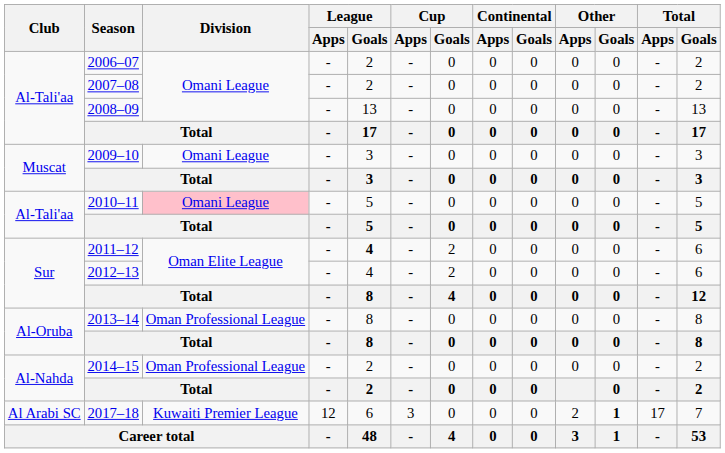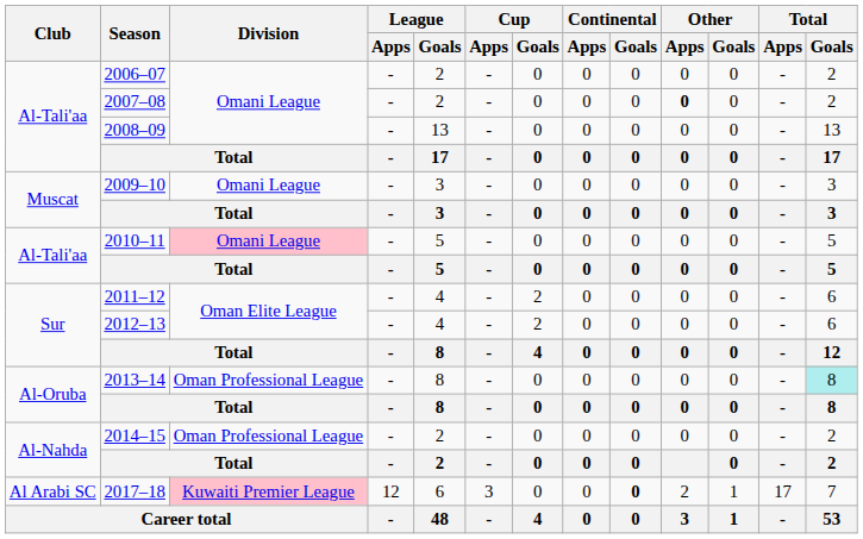 <table class="wikitable" style="text-align: center;">
 <tr>
 <th rowspan="2">Club</th>
 <th rowspan="2">Season</th>
 <th rowspan="2">Division</th>
 <th colspan="2">League</th>
 <th colspan="2">Cup</th>
 <th colspan="2">Continental</th>
 <th colspan="2">Other</th>
 <th colspan="2">Total</th>
 </tr>
 <tr>
 <th>Apps</th>
 <th>Goals</th>
 <th>Apps</th>
 <th>Goals</th>
 <th>Apps</th>
 <th>Goals</th>
 <th>Apps</th>
 <th>Goals</th>
 <th>Apps</th>
 <th>Goals</th>
 </tr>
 <tr>
 <td rowspan="4"><a href='#'>Al-Tali'aa</a></td>
 <td><a href='#'>2006–07</a></td>
 <td rowspan="3"><a href='#'>Omani League</a></td>
 <td>-</td>
 <td>2</td>
 <td>-</td>
 <td>0</td>
 <td>0</td>
 <td>0</td>
 <td>0</td>
 <td>0</td>
 <td>-</td>
 <td>2</td>
 </tr>
 <tr>
 <td><a href='#'>2007–08</a></td>
 <td>-</td>
 <td>2</td>
 <td>-</td>
 <td>0</td>
 <td>0</td>
 <td>0</td>
-<td>0</td>
+<td><strong>0</strong></td>
 <td>0</td>
 <td>-</td>
 <td>2</td>
 </tr>
 <tr>
 <td><a href='#'>2008–09</a></td>
 <td>-</td>
 <td>13</td>
 <td>-</td>
 <td>0</td>
 <td>0</td>
 <td>0</td>
 <td>0</td>
 <td>0</td>
 <td>-</td>
 <td>13</td>
 </tr>
 <tr>
 <th colspan="2">Total</th>
 <th>-</th>
 <th>17</th>
 <th>-</th>
 <th>0</th>
 <th>0</th>
 <th>0</th>
 <th>0</th>
 <th>0</th>
 <th>-</th>
 <th>17</th>
 </tr>
 <tr>
 <td rowspan="2"><a href='#'>Muscat</a></td>
 <td><a href='#'>2009–10</a></td>
 <td rowspan="1"><a href='#'>Omani League</a></td>
 <td>-</td>
 <td>3</td>
 <td>-</td>
 <td>0</td>
 <td>0</td>
 <td>0</td>
 <td>0</td>
 <td>0</td>
 <td>-</td>
 <td>3</td>
 </tr>
 <tr>
 <th colspan="2">Total</th>
 <th>-</th>
 <th>3</th>
 <th>-</th>
 <th>0</th>
 <th>0</th>
 <th>0</th>
 <th>0</th>
 <th>0</th>
 <th>-</th>
 <th>3</th>
 </tr>
 <tr>
 <td rowspan="2"><a href='#'>Al-Tali'aa</a></td>
 <td><a href='#'>2010–11</a></td>
 <td rowspan="1" style="background: pink;"><a href='#'>Omani League</a></td>
 <td>-</td>
 <td>5</td>
 <td>-</td>
 <td>0</td>
 <td>0</td>
 <td>0</td>
 <td>0</td>
 <td>0</td>
 <td>-</td>
 <td>5</td>
 </tr>
 <tr>
 <th colspan="2">Total</th>
 <th>-</th>
 <th>5</th>
 <th>-</th>
 <th>0</th>
 <th>0</th>
 <th>0</th>
 <th>0</th>
 <th>0</th>
 <th>-</th>
 <th>5</th>
 </tr>
 <tr>
 <td rowspan="3"><a href='#'>Sur</a></td>
 <td><a href='#'>2011–12</a></td>
 <td rowspan="2"><a href='#'>Oman Elite League</a></td>
 <td>-</td>
-<td><strong>4</strong></td>
+<td>4</td>
 <td>-</td>
 <td>2</td>
 <td>0</td>
 <td>0</td>
 <td>0</td>
 <td>0</td>
 <td>-</td>
 <td>6</td>
 </tr>
 <tr>
 <td><a href='#'>2012–13</a></td>
 <td>-</td>
 <td>4</td>
 <td>-</td>
 <td>2</td>
 <td>0</td>
 <td>0</td>
 <td>0</td>
 <td>0</td>
 <td>-</td>
 <td>6</td>
 </tr>
 <tr>
 <th colspan="2">Total</th>
 <th>-</th>
 <th>8</th>
 <th>-</th>
 <th>4</th>
 <th>0</th>
 <th>0</th>
 <th>0</th>
 <th>0</th>
 <th>-</th>
 <th>12</th>
 </tr>
 <tr>
 <td rowspan="2"><a href='#'>Al-Oruba</a></td>
 <td><a href='#'>2013–14</a></td>
 <td rowspan="1"><a href='#'>Oman Professional League</a></td>
 <td>-</td>
 <td>8</td>
 <td>-</td>
 <td>0</td>
 <td>0</td>
 <td>0</td>
 <td>0</td>
 <td>0</td>
 <td>-</td>
-<td>8</td>
+<td style="background: paleturquoise;">8</td>
 </tr>
 <tr>
 <th colspan="2">Total</th>
 <th>-</th>
 <th>8</th>
 <th>-</th>
 <th>0</th>
 <th>0</th>
 <th>0</th>
 <th>0</th>
 <th>0</th>
 <th>-</th>
 <th>8</th>
 </tr>
 <tr>
 <td rowspan="2"><a href='#'>Al-Nahda</a></td>
 <td><a href='#'>2014–15</a></td>
 <td rowspan="1"><a href='#'>Oman Professional League</a></td>
 <td>-</td>
 <td>2</td>
 <td>-</td>
 <td>0</td>
 <td>0</td>
 <td>0</td>
 <td>0</td>
 <td>0</td>
 <td>-</td>
 <td>2</td>
 </tr>
 <tr>
 <th colspan="2">Total</th>
 <th>-</th>
 <th>2</th>
 <th>-</th>
 <th>0</th>
 <th>0</th>
 <th>0</th>
 <th></th>
 <th>0</th>
 <th>-</th>
 <th>2</th>
 </tr>
 <tr>
 <td><a href='#'>Al Arabi SC</a></td>
 <td><a href='#'>2017–18</a></td>
-<td rowspan="1"><a href='#'>Kuwaiti Premier League</a></td>
+<td rowspan="1" style="background: pink;"><a href='#'>Kuwaiti Premier League</a></td>
 <td>12</td>
 <td>6</td>
 <td>3</td>
 <td>0</td>
 <td>0</td>
-<td>0</td>
+<td><strong>0</strong></td>
 <td>2</td>
-<td><strong>1</strong></td>
+<td>1</td>
 <td>17</td>
 <td>7</td>
 </tr>
 <tr>
 <th colspan="3">Career total</th>
 <th>-</th>
 <th>48</th>
 <th>-</th>
 <th>4</th>
 <th>0</th>
 <th>0</th>
 <th>3</th>
 <th>1</th>
 <th>-</th>
 <th>53</th>
 </tr>
 </table>
